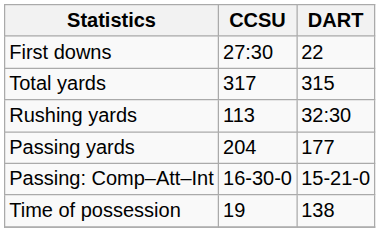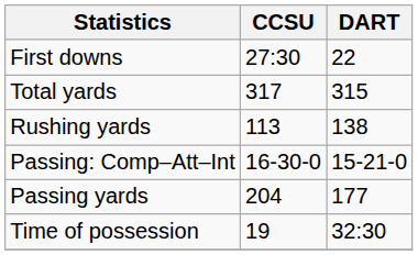 <table class="wikitable" style="float: left;">
 <tr>
 <th>Statistics</th>
 <th>CCSU</th>
 <th>DART</th>
 </tr>
 <tr>
 <td>First downs</td>
 <td>27:30</td>
 <td>22</td>
 </tr>
 <tr>
 <td>Total yards</td>
 <td>317</td>
 <td>315</td>
 </tr>
 <tr>
 <td>Rushing yards</td>
 <td>113</td>
-<td>32:30</td>
+<td>138</td>
+</tr>
+<tr>
+<td>Passing: Comp–Att–Int</td>
+<td>16-30-0</td>
+<td>15-21-0</td>
 </tr>
 <tr>
 <td>Passing yards</td>
 <td>204</td>
 <td>177</td>
 </tr>
 <tr>
-<td>Passing: Comp–Att–Int</td>
-<td>16-30-0</td>
-<td>15-21-0</td>
-</tr>
-<tr>
 <td>Time of possession</td>
 <td>19</td>
-<td>138</td>
+<td>32:30</td>
 </tr>
 <tr>
 </tr>
 </table>
